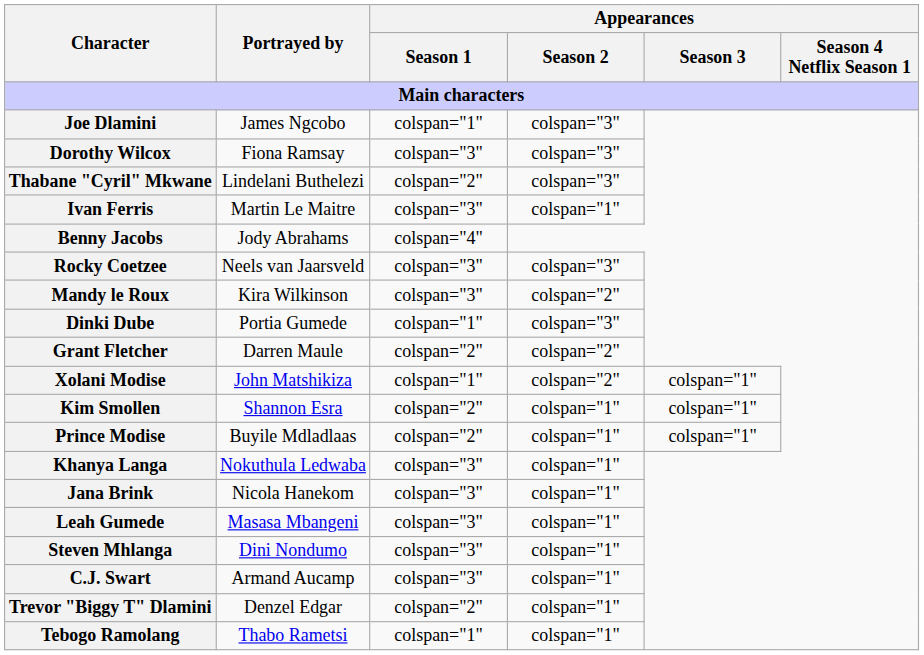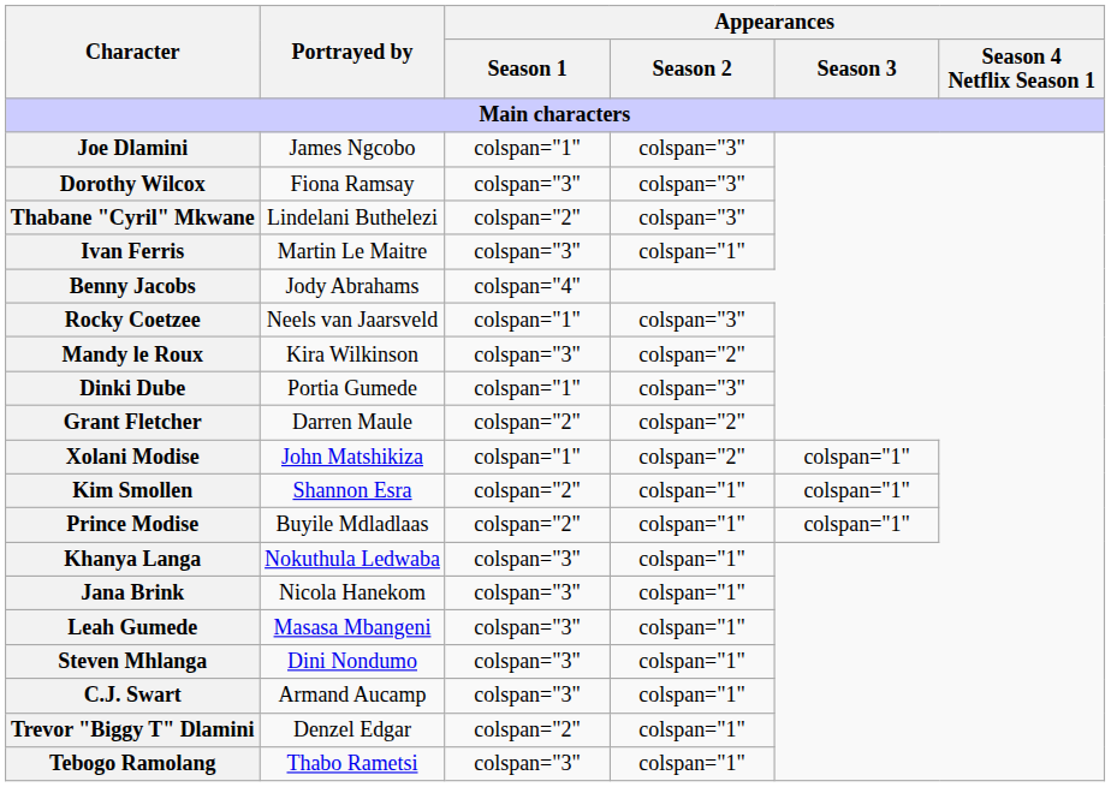 <table class="wikitable plainrowheaders" style="text-align:center; width:auto">
 <tr>
 <th scope="col" rowspan="2">Character</th>
 <th scope="col" rowspan="2">Portrayed by</th>
 <th scope="col" colspan="4">Appearances</th>
 </tr>
 <tr>
 <th scope="col" style="width:15%;">Season 1</th>
 <th scope="col" style="width:15%;">Season 2</th>
 <th scope="col" style="width:15%;">Season 3</th>
 <th scope="col" style="width:15%;">Season 4<br>Netflix Season 1</th>
 </tr>
 <tr>
 <th colspan="6" style="background-color:#ccccff;">Main characters</th>
 </tr>
 <tr>
 <th scope="row">Joe Dlamini</th>
 <td>James Ngcobo</td>
 <td>colspan="1" </td>
 <td>colspan="3" </td>
 </tr>
 <tr>
 <th scope="row">Dorothy Wilcox</th>
 <td>Fiona Ramsay</td>
 <td>colspan="3" </td>
 <td>colspan="3" </td>
 </tr>
 <tr>
 <th scope="row">Thabane "Cyril" Mkwane</th>
 <td>Lindelani Buthelezi</td>
 <td>colspan="2" </td>
 <td>colspan="3" </td>
 </tr>
 <tr>
 <th scope="row">Ivan Ferris</th>
 <td>Martin Le Maitre</td>
 <td>colspan="3" </td>
 <td>colspan="1" </td>
 </tr>
 <tr>
 <th scope="row">Benny Jacobs</th>
 <td>Jody Abrahams</td>
 <td>colspan="4" </td>
 </tr>
 <tr>
 <th scope="row">Rocky Coetzee</th>
 <td>Neels van Jaarsveld</td>
-<td>colspan="3" </td>
+<td>colspan="1" </td>
 <td>colspan="3" </td>
 </tr>
 <tr>
 <th scope="row">Mandy le Roux</th>
 <td>Kira Wilkinson</td>
 <td>colspan="3" </td>
 <td>colspan="2" </td>
 </tr>
 <tr>
 <th scope="row">Dinki Dube</th>
 <td>Portia Gumede</td>
 <td>colspan="1" </td>
 <td>colspan="3" </td>
 </tr>
 <tr>
 <th scope="row">Grant Fletcher</th>
 <td>Darren Maule</td>
 <td>colspan="2" </td>
 <td>colspan="2" </td>
 </tr>
 <tr>
 <th scope="row">Xolani Modise</th>
 <td><a href='#'>John Matshikiza</a></td>
 <td>colspan="1" </td>
 <td>colspan="2" </td>
 <td>colspan="1" </td>
 </tr>
 <tr>
 <th scope="row">Kim Smollen</th>
 <td><a href='#'>Shannon Esra</a></td>
 <td>colspan="2" </td>
 <td>colspan="1" </td>
 <td>colspan="1" </td>
 </tr>
 <tr>
 <th scope="row">Prince Modise</th>
 <td>Buyile Mdladlaas</td>
 <td>colspan="2" </td>
 <td>colspan="1" </td>
 <td>colspan="1" </td>
 </tr>
 <tr>
 <th scope="row">Khanya Langa</th>
 <td><a href='#'>Nokuthula Ledwaba</a></td>
 <td>colspan="3" </td>
 <td>colspan="1" </td>
 </tr>
 <tr>
 <th scope="row">Jana Brink</th>
 <td>Nicola Hanekom</td>
 <td>colspan="3" </td>
 <td>colspan="1" </td>
 </tr>
 <tr>
 <th scope="row">Leah Gumede</th>
 <td><a href='#'>Masasa Mbangeni</a></td>
 <td>colspan="3" </td>
 <td>colspan="1" </td>
 </tr>
 <tr>
 <th scope="row">Steven Mhlanga</th>
 <td><a href='#'>Dini Nondumo</a></td>
 <td>colspan="3" </td>
 <td>colspan="1" </td>
 </tr>
 <tr>
 <th scope="row">C.J. Swart</th>
 <td>Armand Aucamp</td>
 <td>colspan="3" </td>
 <td>colspan="1" </td>
 </tr>
 <tr>
 <th scope="row">Trevor "Biggy T" Dlamini</th>
 <td>Denzel Edgar</td>
 <td>colspan="2" </td>
 <td>colspan="1" </td>
 </tr>
 <tr>
 <th scope="row">Tebogo Ramolang</th>
 <td><a href='#'>Thabo Rametsi</a></td>
-<td>colspan="1" </td>
+<td>colspan="3" </td>
 <td>colspan="1" </td>
 </tr>
 </table>
